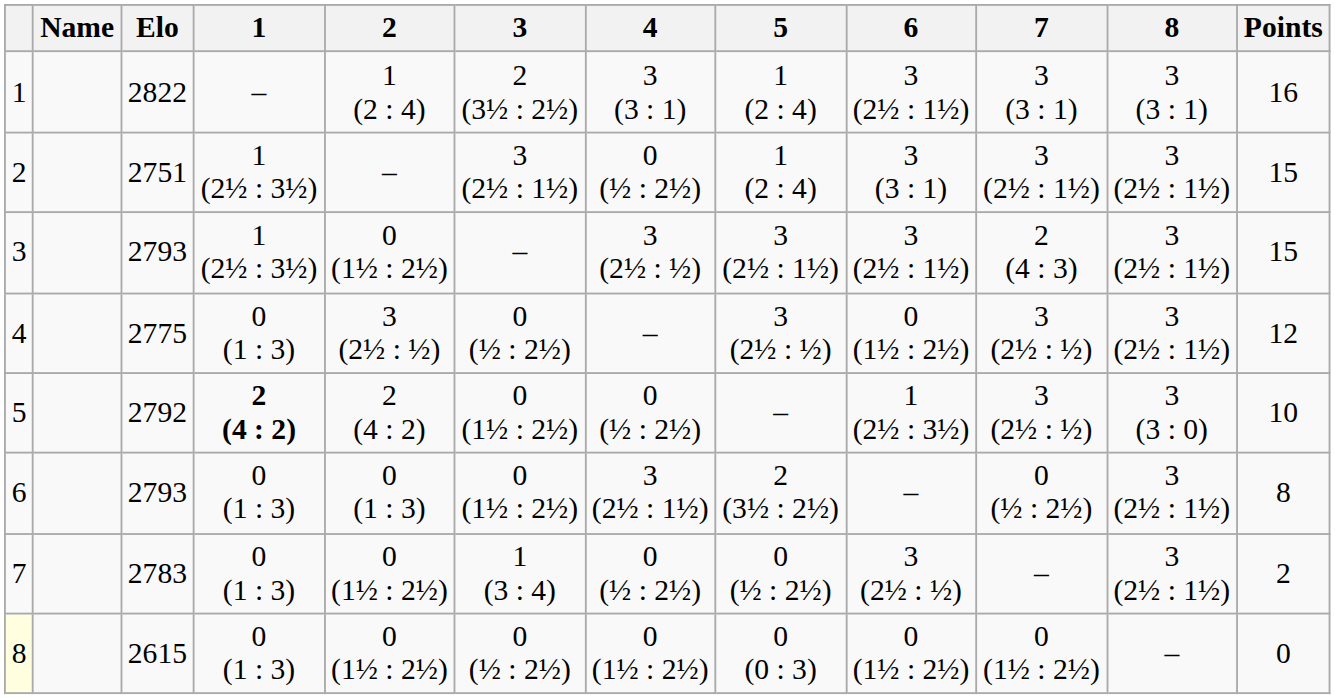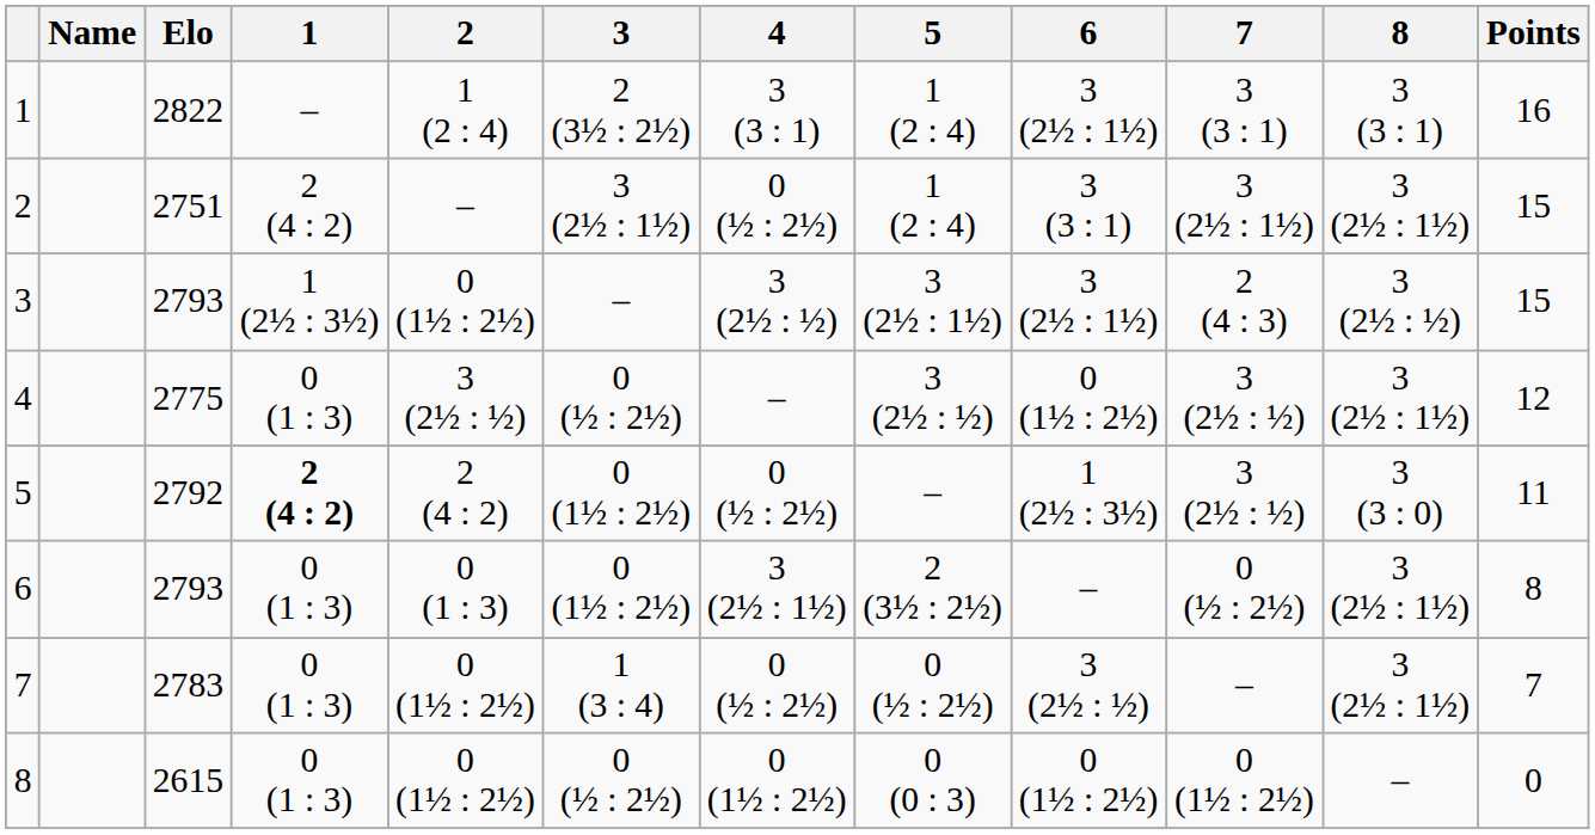 <table class='wikitable' style="text-align:center">
 <tr>
 <th></th>
 <th>Name</th>
 <th>Elo</th>
 <th>1</th>
 <th>2</th>
 <th>3</th>
 <th>4</th>
 <th>5</th>
 <th>6</th>
 <th>7</th>
 <th>8</th>
 <th>Points</th>
 </tr>
 <tr>
 <td>1</td>
 <td style='text-align:left;' data-sort-value='Carlsen'></td>
 <td>2822</td>
 <td>–</td>
 <td>1<br>(2 : 4)</td>
 <td>2<br>(3½ : 2½)</td>
 <td>3<br>(3 : 1)</td>
 <td>1<br>(2 : 4)</td>
 <td>3<br>(2½ : 1½)</td>
 <td>3<br>(3 : 1)</td>
 <td>3<br>(3 : 1)</td>
 <td>16</td>
 </tr>
 <tr>
 <td>2</td>
 <td style='text-align:left;' data-sort-value='Praggnanandhaa'></td>
 <td>2751</td>
-<td>1<br>(2½ : 3½)</td>
+<td>2<br>(4 : 2)</td>
 <td>–</td>
 <td>3<br>(2½ : 1½)</td>
 <td>0<br>(½ : 2½)</td>
 <td>1<br>(2 : 4)</td>
 <td>3<br>(3 : 1)</td>
 <td>3<br>(2½ : 1½)</td>
 <td>3<br>(2½ : 1½)</td>
 <td>15</td>
 </tr>
 <tr>
 <td>3</td>
 <td style='text-align:left;' data-sort-value='Firouzja'></td>
 <td>2793</td>
 <td>1<br>(2½ : 3½)</td>
 <td>0<br>(1½ : 2½)</td>
 <td>–</td>
 <td>3<br>(2½ : ½)</td>
 <td>3<br>(2½ : 1½)</td>
 <td>3<br>(2½ : 1½)</td>
 <td>2<br>(4 : 3)</td>
-<td>3<br>(2½ : 1½)</td>
+<td>3<br>(2½ : ½)</td>
 <td>15</td>
 </tr>
 <tr>
 <td>4</td>
 <td style='text-align:left;' data-sort-value='Lê'></td>
 <td>2775</td>
 <td>0<br>(1 : 3)</td>
 <td>3<br>(2½ : ½)</td>
 <td>0<br>(½ : 2½)</td>
 <td>–</td>
 <td>3<br>(2½ : ½)</td>
 <td>0<br>(1½ : 2½)</td>
 <td>3<br>(2½ : ½)</td>
 <td>3<br>(2½ : 1½)</td>
 <td>12</td>
 </tr>
 <tr>
 <td>5</td>
 <td style='text-align:left;' data-sort-value='Duda'></td>
 <td>2792</td>
 <td><strong>2<br>(4 : 2)</strong></td>
 <td>2<br>(4 : 2)</td>
 <td>0<br>(1½ : 2½)</td>
 <td>0<br>(½ : 2½)</td>
 <td>–</td>
 <td>1<br>(2½ : 3½)</td>
 <td>3<br>(2½ : ½)</td>
 <td>3<br>(3 : 0)</td>
-<td>10</td>
+<td>11</td>
 </tr>
 <tr>
 <td>6</td>
 <td style='text-align:left;' data-sort-value='Aronian'></td>
 <td>2793</td>
 <td>0<br>(1 : 3)</td>
 <td>0<br>(1 : 3)</td>
 <td>0<br>(1½ : 2½)</td>
 <td>3<br>(2½ : 1½)</td>
 <td>2<br>(3½ : 2½)</td>
 <td>–</td>
 <td>0<br>(½ : 2½)</td>
 <td>3<br>(2½ : 1½)</td>
 <td>8</td>
 </tr>
 <tr>
 <td>7</td>
 <td style='text-align:left;' data-sort-value='Giri'></td>
 <td>2783</td>
 <td>0<br>(1 : 3)</td>
 <td>0<br>(1½ : 2½)</td>
 <td>1<br>(3 : 4)</td>
 <td>0<br>(½ : 2½)</td>
 <td>0<br>(½ : 2½)</td>
 <td>3<br>(2½ : ½)</td>
 <td>–</td>
 <td>3<br>(2½ : 1½)</td>
-<td>2</td>
+<td>7</td>
 </tr>
 <tr>
-<td style="background: lightyellow;">8</td>
+<td>8</td>
 <td style='text-align:left;' data-sort-value='Niemann'></td>
 <td>2615</td>
 <td>0<br>(1 : 3)</td>
 <td>0<br>(1½ : 2½)</td>
 <td>0<br>(½ : 2½)</td>
 <td>0<br>(1½ : 2½)</td>
 <td>0<br>(0 : 3)</td>
 <td>0<br>(1½ : 2½)</td>
 <td>0<br>(1½ : 2½)</td>
 <td>–</td>
 <td>0</td>
 </tr>
 </table>
